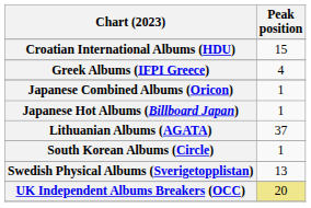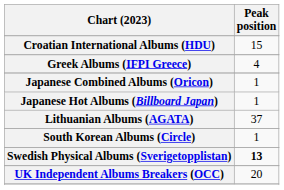 <table class="wikitable plainrowheaders sortable" style="text-align:center">
 <tr>
 <th scope="col">Chart (2023)</th>
 <th scope="col">Peak<br>position</th>
 </tr>
 <tr>
 </tr>
 <tr>
 </tr>
 <tr>
 </tr>
 <tr>
 </tr>
 <tr>
 </tr>
 <tr>
 <th scope="row">Croatian International Albums (<a href='#'>HDU</a>)</th>
 <td>15</td>
 </tr>
 <tr>
 </tr>
 <tr>
 </tr>
 <tr>
 </tr>
 <tr>
 </tr>
 <tr>
 <th scope="row">Greek Albums (<a href='#'>IFPI Greece</a>)</th>
 <td>4</td>
 </tr>
 <tr>
 </tr>
 <tr>
 </tr>
 <tr>
 </tr>
 <tr>
 <th scope="row">Japanese Combined Albums (<a href='#'>Oricon</a>)</th>
 <td>1</td>
 </tr>
 <tr>
 <th scope="row">Japanese Hot Albums (<em><a href='#'>Billboard Japan</a></em>)</th>
 <td>1</td>
 </tr>
 <tr>
 <th scope="row">Lithuanian Albums (<a href='#'>AGATA</a>)</th>
 <td>37</td>
 </tr>
 <tr>
 </tr>
 <tr>
 </tr>
 <tr>
 </tr>
 <tr>
 <th scope="row">South Korean Albums (<a href='#'>Circle</a>)</th>
 <td>1</td>
 </tr>
 <tr>
 </tr>
 <tr>
 <th scope="row">Swedish Physical Albums (<a href='#'>Sverigetopplistan</a>)</th>
-<td>13</td>
+<td><strong>13</strong></td>
 </tr>
 <tr>
 </tr>
 <tr>
 </tr>
 <tr>
 <th scope="row"><a href='#'>UK Independent Albums Breakers</a> (<a href='#'>OCC</a>)</th>
-<td style="background: khaki;">20</td>
+<td>20</td>
 </tr>
 <tr>
 </tr>
 <tr>
 </tr>
 </table>
